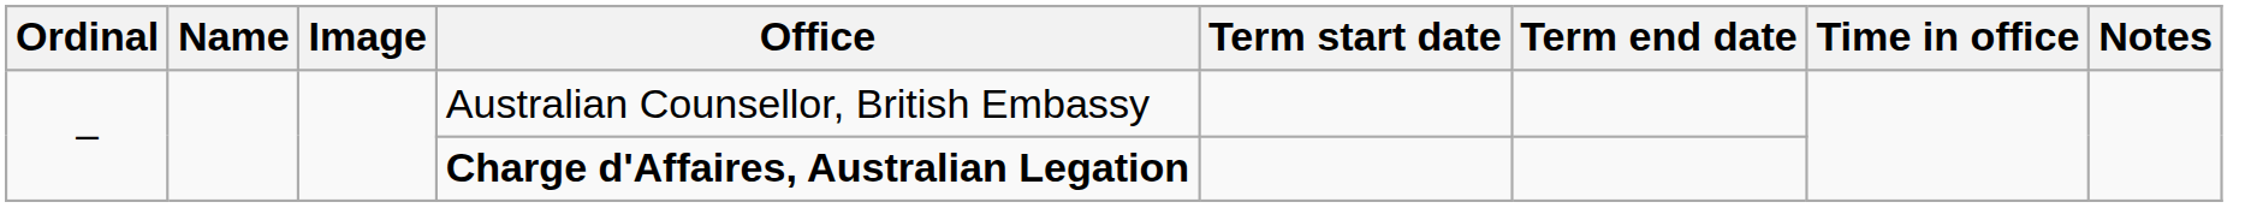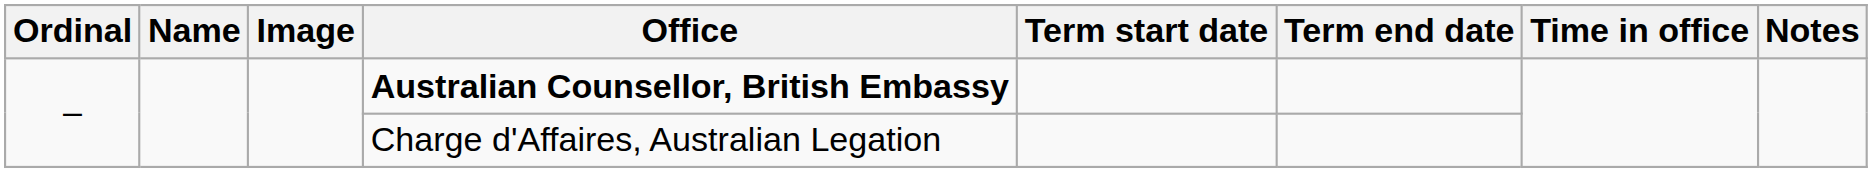 <table class='wikitable sortable'>
 <tr>
 <th>Ordinal</th>
 <th>Name</th>
 <th>Image</th>
 <th>Office</th>
 <th>Term start date</th>
 <th>Term end date</th>
 <th>Time in office</th>
 <th>Notes</th>
 </tr>
 <tr>
 <td rowspan=2 align=center>–</td>
 <td rowspan=2></td>
 <td rowspan=2></td>
-<td>Australian Counsellor, British Embassy</td>
+<td><strong>Australian Counsellor, British Embassy</strong></td>
 <td align=center></td>
 <td align=center></td>
 <td rowspan=2 align=right></td>
 <td rowspan=2></td>
 </tr>
 <tr>
-<td><strong>Charge d'Affaires, Australian Legation</strong></td>
+<td>Charge d'Affaires, Australian Legation</td>
 <td align=center></td>
 <td align=center></td>
 </tr>
 </table>
